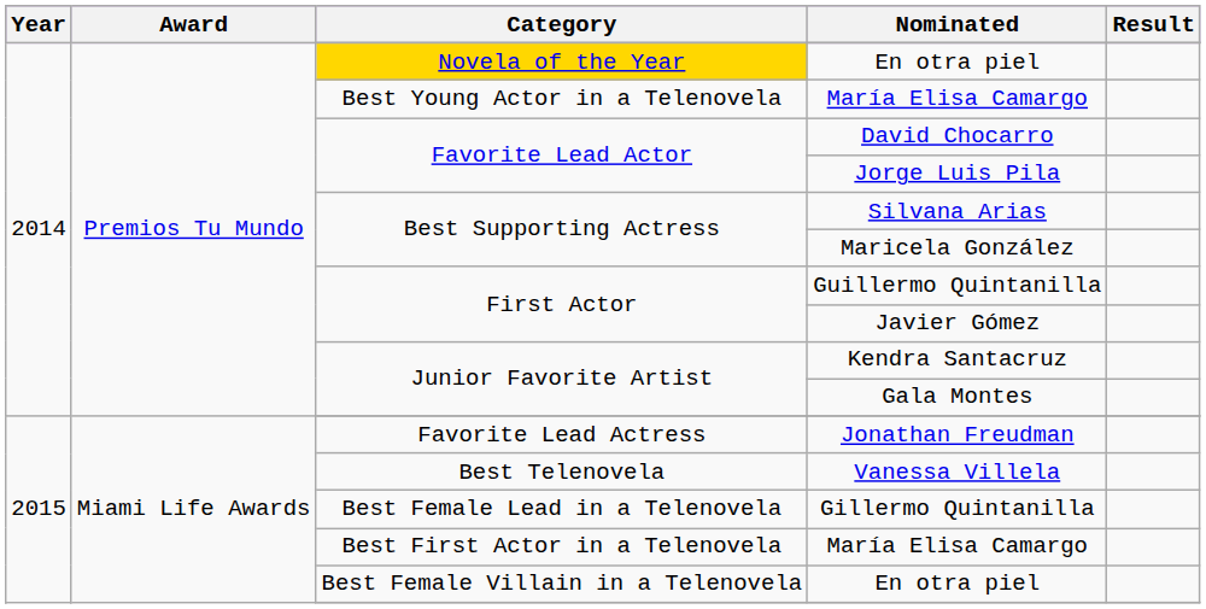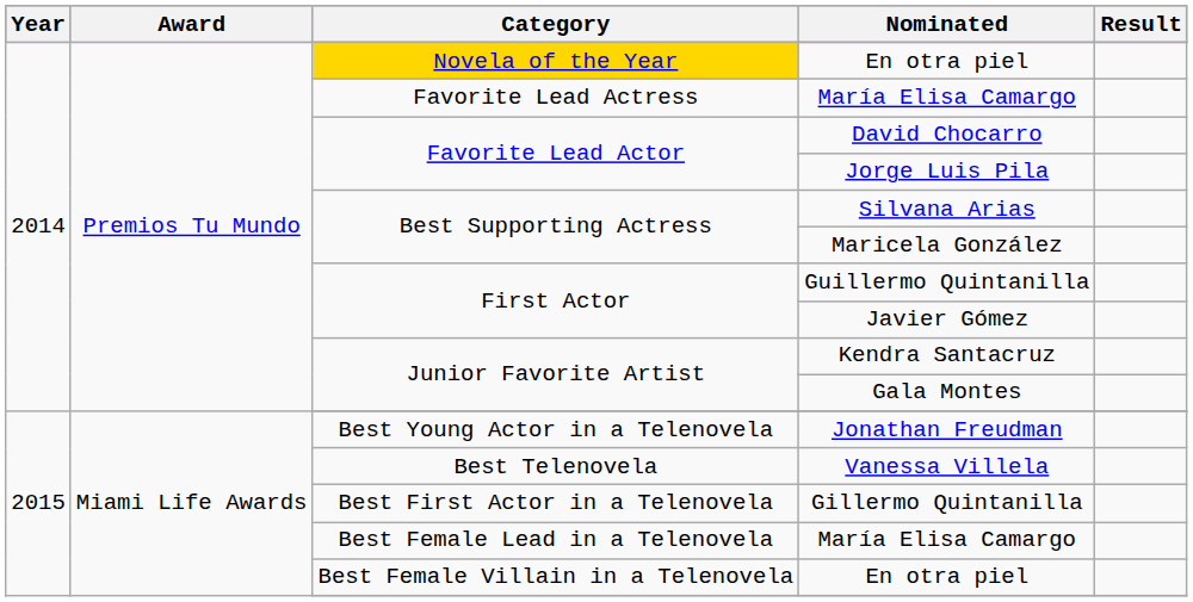 <table class="wikitable plainrowheaders" style="text-align:center;">
 <tr style="background:#96c;">
 <th scope="col">Year</th>
 <th scope="col">Award</th>
 <th scope="col">Category</th>
 <th scope="col">Nominated</th>
 <th scope="col">Result</th>
 </tr>
 <tr>
 <td scope="row" rowspan="11">2014</td>
 <td rowspan="11"><a href='#'>Premios Tu Mundo</a></td>
 </tr>
 <tr>
 <td scope="row" style="background: gold;"><a href='#'>Novela of the Year</a></td>
 <td>En otra piel</td>
 <td></td>
 </tr>
 <tr>
-<td scope="row">Best Young Actor in a Telenovela</td>
+<td scope="row">Favorite Lead Actress</td>
 <td><a href='#'>María Elisa Camargo</a></td>
 <td></td>
 </tr>
 <tr>
 <td scope="row" rowspan="2"><a href='#'>Favorite Lead Actor</a></td>
 <td><a href='#'>David Chocarro</a></td>
 <td></td>
 </tr>
 <tr>
 <td><a href='#'>Jorge Luis Pila</a></td>
 <td></td>
 </tr>
 <tr>
 <td scope="row" rowspan="2">Best Supporting Actress</td>
 <td><a href='#'>Silvana Arias</a></td>
 <td></td>
 </tr>
 <tr>
 <td>Maricela González</td>
 <td></td>
 </tr>
 <tr>
 <td scope="row" rowspan="2">First  Actor</td>
 <td>Guillermo Quintanilla</td>
 <td></td>
 </tr>
 <tr>
 <td>Javier Gómez</td>
 <td></td>
 </tr>
 <tr>
 <td scope="row" rowspan="2">Junior Favorite Artist</td>
 <td>Kendra Santacruz</td>
 <td></td>
 </tr>
 <tr>
 <td>Gala Montes</td>
 <td></td>
 </tr>
 <tr>
 <td scope="row" rowspan="11">2015</td>
 <td rowspan="11">Miami Life Awards</td>
 </tr>
 <tr>
-<td scope="row">Favorite Lead Actress</td>
+<td scope="row">Best Young Actor in a Telenovela</td>
 <td><a href='#'>Jonathan Freudman</a></td>
 <td></td>
 </tr>
 <tr>
 <td scope="row">Best  Telenovela</td>
 <td><a href='#'>Vanessa Villela</a></td>
 <td></td>
 </tr>
 <tr>
-<td scope="row">Best Female Lead in a Telenovela</td>
+<td scope="row">Best First Actor in a Telenovela</td>
 <td>Gillermo Quintanilla</td>
 <td></td>
 </tr>
 <tr>
-<td scope="row">Best First Actor in a Telenovela</td>
+<td scope="row">Best Female Lead in a Telenovela</td>
 <td>María Elisa Camargo</td>
 <td></td>
 </tr>
 <tr>
 <td scope="row">Best Female Villain in a Telenovela</td>
 <td>En otra piel</td>
 <td></td>
 </tr>
 <tr>
 </tr>
 </table>
